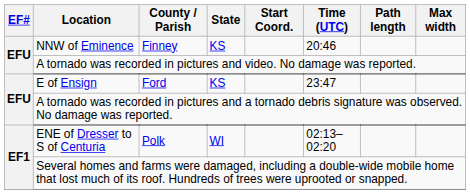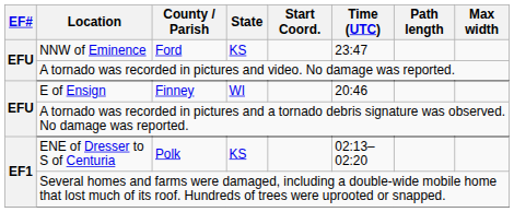 <table class="wikitable sortable" style="width:100%;">
 <tr>
 <th scope="col" width="2%" align="center"><a href='#'>EF#</a></th>
 <th scope="col" align="center" class="unsortable">Location</th>
 <th scope="col" align="center" class="unsortable">County / Parish</th>
 <th scope="col" align="center">State</th>
 <th scope="col" align="center">Start Coord.</th>
 <th scope="col" align="center">Time (<a href='#'>UTC</a>)</th>
 <th scope="col" align="center">Path length</th>
 <th scope="col" align="center">Max width</th>
 </tr>
 <tr>
 <th scope="row" rowspan="2" style="background-color:#">EFU</th>
 <td>NNW of <a href='#'>Eminence</a></td>
-<td><a href='#'>Finney</a></td>
+<td><a href='#'>Ford</a></td>
 <td><a href='#'>KS</a></td>
 <td></td>
-<td>20:46</td>
+<td>23:47</td>
 <td></td>
 <td></td>
 </tr>
 <tr class="expand-child">
 <td colspan="8" style=" border-bottom: 1px solid black;">A tornado was recorded in pictures and video. No damage was reported.</td>
 </tr>
 <tr>
 <th scope="row" rowspan="2" style="background-color:#">EFU</th>
 <td>E of <a href='#'>Ensign</a></td>
-<td><a href='#'>Ford</a></td>
-<td><a href='#'>KS</a></td>
+<td><a href='#'>Finney</a></td>
+<td><a href='#'>WI</a></td>
 <td></td>
-<td>23:47</td>
+<td>20:46</td>
 <td></td>
 <td></td>
 </tr>
 <tr class="expand-child">
 <td colspan="8" style=" border-bottom: 1px solid black;">A tornado was recorded in pictures and a tornado debris signature was observed. No damage was reported.</td>
 </tr>
 <tr>
 <th scope="row" rowspan="2" style="background-color:#">EF1</th>
 <td>ENE of <a href='#'>Dresser</a> to S of <a href='#'>Centuria</a></td>
 <td><a href='#'>Polk</a></td>
-<td><a href='#'>WI</a></td>
+<td><a href='#'>KS</a></td>
 <td></td>
 <td>02:13–02:20</td>
 <td></td>
 <td></td>
 </tr>
 <tr class="expand-child">
 <td colspan="8" style=" border-bottom: 1px solid black;">Several homes and farms were damaged, including a double-wide mobile home that lost much of its roof. Hundreds of trees were uprooted or snapped.</td>
 </tr>
 <tr>
 </tr>
 </table>
